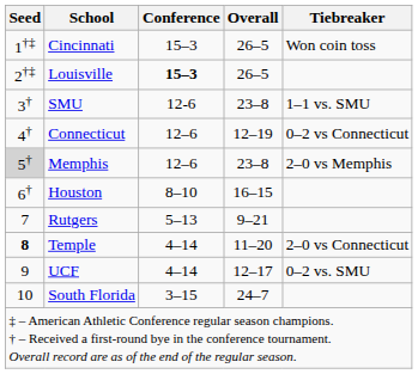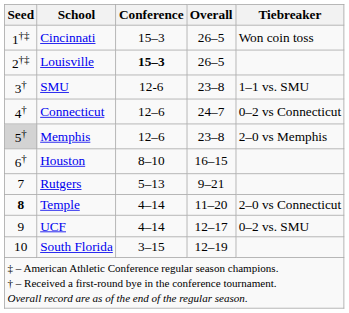 <table class="wikitable" style="text-align:center">
 <tr>
 <th>Seed</th>
 <th>School</th>
 <th>Conference</th>
 <th>Overall</th>
 <th>Tiebreaker</th>
 </tr>
 <tr>
 <td>1<sup>†‡</sup></td>
 <td align=left><a href='#'>Cincinnati</a></td>
 <td>15–3</td>
 <td>26–5</td>
 <td align=left>Won coin toss</td>
 </tr>
 <tr>
 <td>2<sup>†‡</sup></td>
 <td align=left><a href='#'>Louisville</a></td>
 <td><strong>15–3</strong></td>
 <td>26–5</td>
 <td></td>
 </tr>
 <tr>
 <td>3<sup>†</sup></td>
 <td align=left><a href='#'>SMU</a></td>
 <td>12-6</td>
 <td>23–8</td>
 <td align=left>1–1 vs. SMU</td>
 </tr>
 <tr>
 <td>4<sup>†</sup></td>
 <td align=left><a href='#'>Connecticut</a></td>
 <td>12–6</td>
-<td>12–19</td>
+<td>24–7</td>
 <td align=left>0–2 vs Connecticut</td>
 </tr>
 <tr>
 <td style="background: lightgrey;">5<sup>†</sup></td>
 <td align=left><a href='#'>Memphis</a></td>
 <td>12–6</td>
 <td>23–8</td>
 <td align=left>2–0 vs Memphis</td>
 </tr>
 <tr>
 <td>6<sup>†</sup></td>
 <td align=left><a href='#'>Houston</a></td>
 <td>8–10</td>
 <td>16–15</td>
 <td></td>
 </tr>
 <tr>
 <td>7</td>
 <td align=left><a href='#'>Rutgers</a></td>
 <td>5–13</td>
 <td>9–21</td>
 <td></td>
 </tr>
 <tr>
 <td><strong>8</strong></td>
 <td align=left><a href='#'>Temple</a></td>
 <td>4–14</td>
 <td>11–20</td>
 <td align=left>2–0 vs Connecticut</td>
 </tr>
 <tr>
 <td>9</td>
 <td align=left><a href='#'>UCF</a></td>
 <td>4–14</td>
 <td>12–17</td>
 <td align=left>0–2 vs. SMU</td>
 </tr>
 <tr>
 <td>10</td>
 <td align=left><a href='#'>South Florida</a></td>
 <td>3–15</td>
-<td>24–7</td>
+<td>12–19</td>
 <td></td>
 </tr>
 <tr>
 <td colspan="6" style="text-align:left;"><small>‡ – American Athletic Conference regular season champions.<br>† – Received a first-round bye in the conference tournament. <br><em>Overall record are as of the end of the regular season</em>.</small></td>
 </tr>
 </table>
